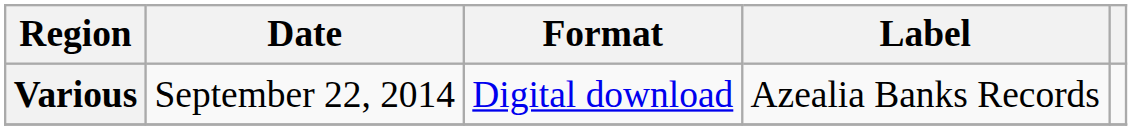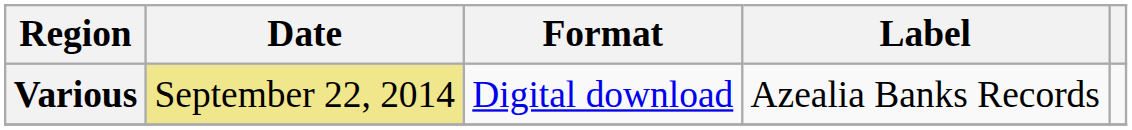 <table class="wikitable plainrowheaders">
 <tr>
 <th>Region</th>
 <th>Date</th>
 <th>Format</th>
 <th>Label</th>
 <th></th>
 </tr>
 <tr>
 <th scope="row">Various</th>
-<td>September 22, 2014</td>
+<td style="background: khaki;">September 22, 2014</td>
 <td><a href='#'>Digital download</a></td>
 <td>Azealia Banks Records</td>
 <td></td>
 </tr>
 <tr>
 </tr>
 </table>
